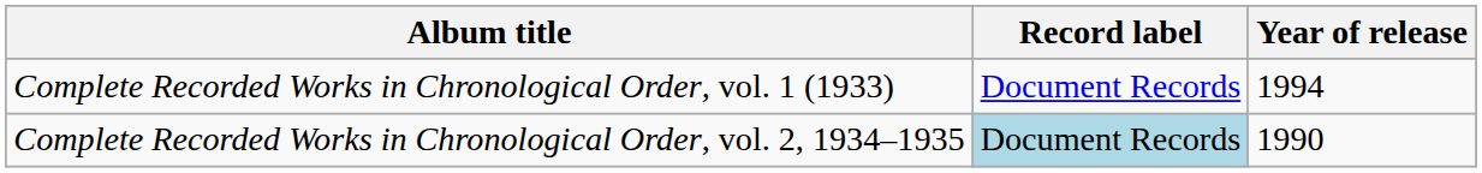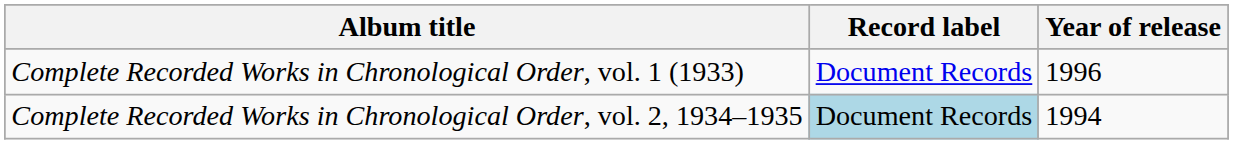 <table class="wikitable sortable">
 <tr>
 <th>Album title</th>
 <th>Record label</th>
 <th>Year of release</th>
 </tr>
 <tr>
 <td><em>Complete Recorded Works in Chronological Order</em>, vol. 1 (1933)</td>
 <td><a href='#'>Document Records</a></td>
-<td>1994</td>
+<td>1996</td>
 </tr>
 <tr>
 <td><em>Complete Recorded Works in Chronological Order</em>, vol. 2, 1934–1935</td>
 <td style="background: lightblue;">Document Records</td>
-<td>1990</td>
+<td>1994</td>
 </tr>
 </table>
